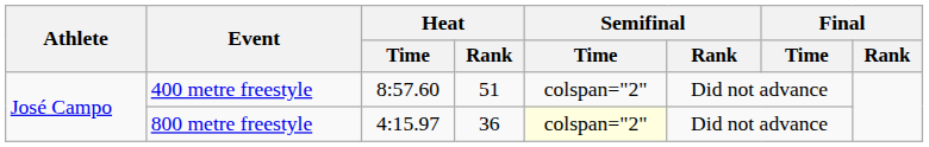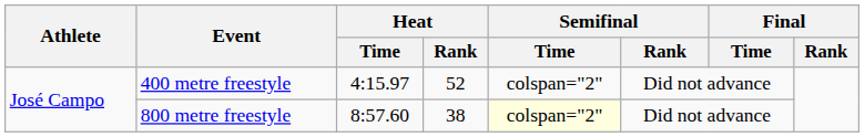 <table class="wikitable" style="text-align:center; font-size:90%; width:50%;">
 <tr>
 <th rowspan="2">Athlete</th>
 <th rowspan="2">Event</th>
 <th colspan="2">Heat</th>
 <th colspan="2">Semifinal</th>
 <th colspan="2">Final</th>
 </tr>
 <tr style="font-size:95%">
 <th>Time</th>
 <th>Rank</th>
 <th>Time</th>
 <th>Rank</th>
 <th>Time</th>
 <th>Rank</th>
 </tr>
 <tr>
 <td align=left rowspan=2><a href='#'>José Campo</a></td>
 <td align=left><a href='#'>400 metre freestyle</a></td>
-<td>8:57.60</td>
-<td>51</td>
+<td>4:15.97</td>
+<td>52</td>
 <td>colspan="2" </td>
 <td colspan="2">Did not advance</td>
 </tr>
 <tr>
 <td align=left><a href='#'>800 metre freestyle</a></td>
-<td>4:15.97</td>
-<td>36</td>
+<td>8:57.60</td>
+<td>38</td>
 <td style="background: lightyellow;">colspan="2" </td>
 <td colspan="2">Did not advance</td>
 </tr>
 </table>
